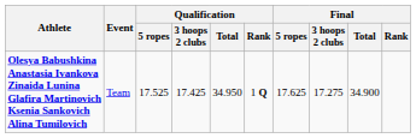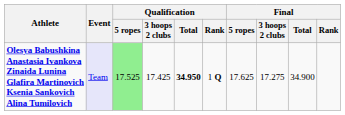 <table class="wikitable" style="font-size:90%">
 <tr>
 <th rowspan="2">Athlete</th>
 <th rowspan="2">Event</th>
 <th colspan="4">Qualification</th>
 <th colspan="4">Final</th>
 </tr>
 <tr style="font-size:95%">
 <th>5 ropes</th>
 <th>3 hoops<br>2 clubs</th>
 <th>Total</th>
 <th>Rank</th>
 <th>5 ropes</th>
 <th>3 hoops<br>2 clubs</th>
 <th>Total</th>
 <th>Rank</th>
 </tr>
 <tr align=center>
 <td align=left><strong><a href='#'>Olesya Babushkina</a><br><a href='#'>Anastasia Ivankova</a><br><a href='#'>Zinaida Lunina</a><br><a href='#'>Glafira Martinovich</a><br><a href='#'>Ksenia Sankovich</a><br><a href='#'>Alina Tumilovich</a></strong></td>
-<td align=left><a href='#'>Team</a></td>
-<td>17.525</td>
+<td align=left style="background: lavender;"><a href='#'>Team</a></td>
+<td style="background: lightgreen;">17.525</td>
 <td>17.425</td>
-<td>34.950</td>
+<td><strong>34.950</strong></td>
 <td>1 <strong>Q</strong></td>
 <td>17.625</td>
 <td>17.275</td>
 <td>34.900</td>
 <td></td>
 </tr>
 </table>
